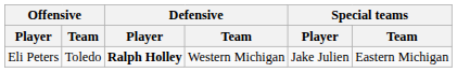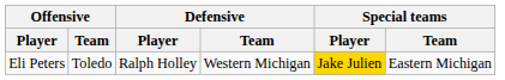 <table class="wikitable" style="display: inline-table;">
 <tr>
 <th colspan="2">Offensive</th>
 <th colspan="2">Defensive</th>
 <th colspan="2">Special teams</th>
 </tr>
 <tr>
 <th>Player</th>
 <th>Team</th>
 <th>Player</th>
 <th>Team</th>
 <th>Player</th>
 <th>Team</th>
 </tr>
 <tr>
 <td>Eli Peters</td>
 <td>Toledo</td>
-<td><strong>Ralph Holley</strong></td>
+<td>Ralph Holley</td>
 <td>Western Michigan</td>
-<td>Jake Julien</td>
+<td style="background: gold;">Jake Julien</td>
 <td>Eastern Michigan</td>
 </tr>
 </table>
